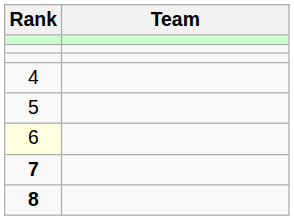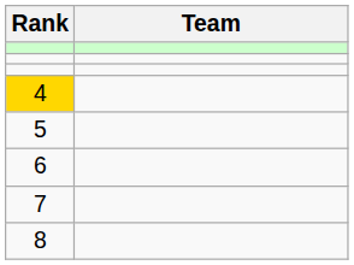 <table class="wikitable" style="text-align: center;">
 <tr>
 <th width=40>Rank</th>
 <th width=180>Team</th>
 </tr>
 <tr align=center bgcolor="#cfc">
 <td></td>
 <td style="text-align:left;"></td>
 </tr>
 <tr align=center>
 <td></td>
 <td style="text-align:left;"></td>
 </tr>
 <tr align=center>
 <td></td>
 <td style="text-align:left;"></td>
 </tr>
 <tr align=center>
-<td>4</td>
+<td style="background: gold;">4</td>
 <td style="text-align:left;"></td>
 </tr>
 <tr align=center>
 <td>5</td>
 <td style="text-align:left;"></td>
 </tr>
 <tr align=center>
-<td style="background: lightyellow;">6</td>
+<td>6</td>
 <td style="text-align:left;"></td>
 </tr>
 <tr align=center>
-<td><strong>7</strong></td>
+<td>7</td>
 <td style="text-align:left;"></td>
 </tr>
 <tr align=center>
-<td><strong>8</strong></td>
+<td>8</td>
 <td style="text-align:left;"></td>
 </tr>
 </table>
